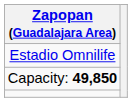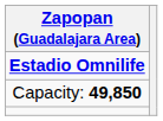 <table class=wikitable style="text-align:center"">
 <tr>
 <th><a href='#'>Zapopan</a><br><small>(<a href='#'>Guadalajara Area</a>)</small></th>
 <th rowspan="4"></th>
 </tr>
 <tr>
-<td><a href='#'>Estadio Omnilife</a></td>
+<td><strong><a href='#'>Estadio Omnilife</a></strong></td>
 </tr>
 <tr>
 <td>Capacity: <strong>49,850</strong></td>
 </tr>
 <tr>
 <td></td>
 </tr>
 </table>
